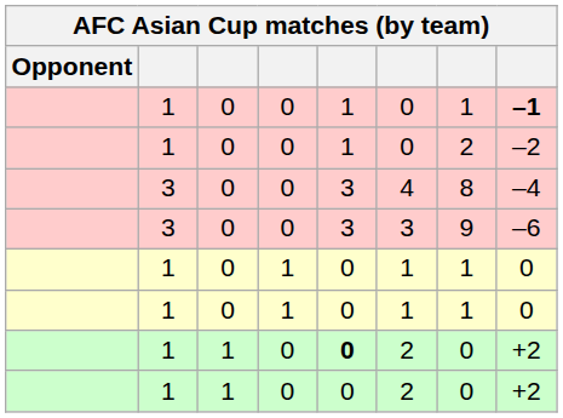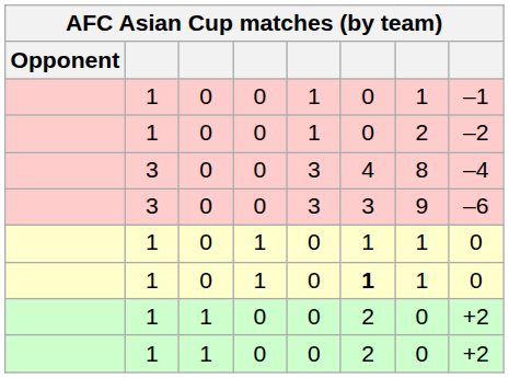 <table class="wikitable sortable" style="text-align: center;">
 <tr>
 <th colspan=8>AFC Asian Cup matches (by team)</th>
 </tr>
 <tr>
 <th width="30">Opponent</th>
 <th width="30"></th>
 <th width="30"></th>
 <th width="30"></th>
 <th width="30"></th>
 <th width="30"></th>
 <th width="30"></th>
 <th width="30"></th>
 </tr>
 <tr bgcolor=#FFCCCC>
 <td align="left"></td>
 <td>1</td>
 <td>0</td>
 <td>0</td>
 <td>1</td>
 <td>0</td>
 <td>1</td>
-<td><strong>–1</strong></td>
+<td>–1</td>
 </tr>
 <tr bgcolor=#FFCCCC>
 <td align="left"></td>
 <td>1</td>
 <td>0</td>
 <td>0</td>
 <td>1</td>
 <td>0</td>
 <td>2</td>
 <td>–2</td>
 </tr>
 <tr bgcolor=#FFCCCC>
 <td align="left"></td>
 <td>3</td>
 <td>0</td>
 <td>0</td>
 <td>3</td>
 <td>4</td>
 <td>8</td>
 <td>–4</td>
 </tr>
 <tr bgcolor=#FFCCCC>
 <td align="left"></td>
 <td>3</td>
 <td>0</td>
 <td>0</td>
 <td>3</td>
 <td>3</td>
 <td>9</td>
 <td>–6</td>
 </tr>
 <tr bgcolor=#FFFFCC>
 <td align="left"></td>
 <td>1</td>
 <td>0</td>
 <td>1</td>
 <td>0</td>
 <td>1</td>
 <td>1</td>
 <td>0</td>
 </tr>
 <tr bgcolor=#FFFFCC>
 <td align="left"></td>
 <td>1</td>
 <td>0</td>
 <td>1</td>
 <td>0</td>
-<td>1</td>
+<td><strong>1</strong></td>
 <td>1</td>
 <td>0</td>
 </tr>
 <tr bgcolor=#CCFFCC>
 <td align="left"></td>
 <td>1</td>
 <td>1</td>
 <td>0</td>
-<td><strong>0</strong></td>
+<td>0</td>
 <td>2</td>
 <td>0</td>
 <td>+2</td>
 </tr>
 <tr bgcolor=#CCFFCC>
 <td align="left"></td>
 <td>1</td>
 <td>1</td>
 <td>0</td>
 <td>0</td>
 <td>2</td>
 <td>0</td>
 <td>+2</td>
 </tr>
 </table>
